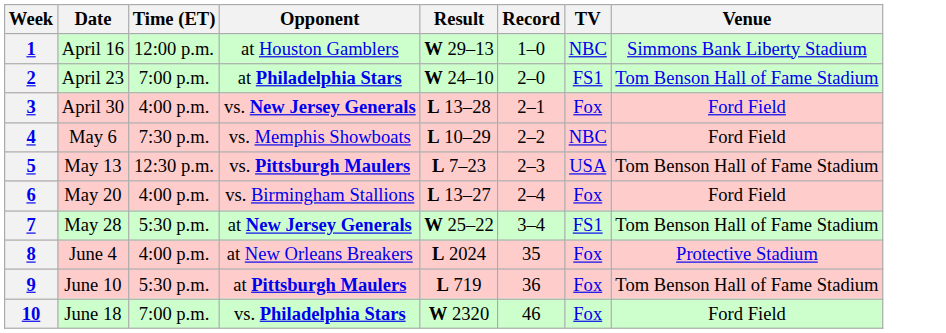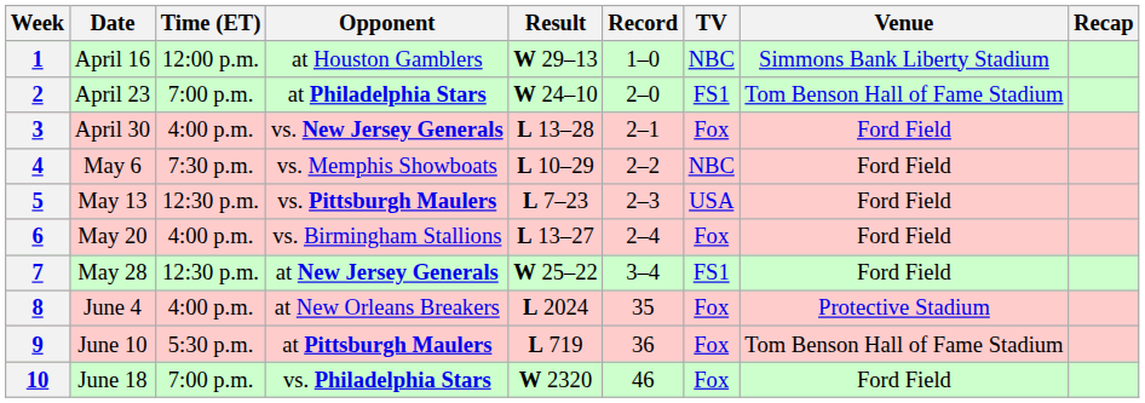 <table class="wikitable" style="text-align:center">
 <tr>
 <th>Week</th>
 <th>Date</th>
 <th>Time (ET)</th>
 <th>Opponent</th>
 <th>Result</th>
 <th>Record</th>
 <th>TV</th>
 <th>Venue</th>
+<th>Recap</th>
 </tr>
 <tr style="background:#ccffcc">
 <th><a href='#'>1</a></th>
 <td>April 16</td>
 <td>12:00 p.m.</td>
 <td>at <a href='#'>Houston Gamblers</a></td>
 <td><strong>W</strong> 29–13</td>
 <td>1–0</td>
 <td><a href='#'>NBC</a></td>
 <td><a href='#'>Simmons Bank Liberty Stadium</a></td>
+<td></td>
 </tr>
 <tr style="background:#ccffcc">
 <th><a href='#'>2</a></th>
 <td>April 23</td>
 <td>7:00 p.m.</td>
 <td>at <a href='#'><strong>Philadelphia Stars</strong></a></td>
 <td><strong>W</strong> 24–10</td>
 <td>2–0</td>
 <td><a href='#'>FS1</a></td>
 <td><a href='#'>Tom Benson Hall of Fame Stadium</a></td>
+<td></td>
 </tr>
 <tr style="background:#ffcccc">
 <th><a href='#'>3</a></th>
 <td>April 30</td>
 <td>4:00 p.m.</td>
 <td>vs. <a href='#'><strong>New Jersey Generals</strong></a></td>
 <td><strong>L</strong> 13–28</td>
 <td>2–1</td>
 <td><a href='#'>Fox</a></td>
 <td><a href='#'>Ford Field</a></td>
+<td></td>
 </tr>
 <tr style="background:#ffcccc">
 <th><a href='#'>4</a></th>
 <td>May 6</td>
 <td>7:30 p.m.</td>
 <td>vs. <a href='#'>Memphis Showboats</a></td>
 <td><strong>L</strong> 10–29</td>
 <td>2–2</td>
 <td><a href='#'>NBC</a></td>
 <td>Ford Field</td>
+<td></td>
 </tr>
 <tr style="background:#ffcccc">
 <th><a href='#'>5</a></th>
 <td>May 13</td>
 <td>12:30 p.m.</td>
 <td>vs. <a href='#'><strong>Pittsburgh Maulers</strong></a></td>
 <td><strong>L</strong> 7–23</td>
 <td>2–3</td>
 <td><a href='#'>USA</a></td>
-<td>Tom Benson Hall of Fame Stadium</td>
+<td>Ford Field</td>
+<td></td>
 </tr>
 <tr style="background:#ffcccc">
 <th><a href='#'>6</a></th>
 <td>May 20</td>
 <td>4:00 p.m.</td>
 <td>vs. <a href='#'>Birmingham Stallions</a></td>
 <td><strong>L</strong> 13–27</td>
 <td>2–4</td>
 <td><a href='#'>Fox</a></td>
 <td>Ford Field</td>
+<td></td>
 </tr>
 <tr style="background:#ccffcc">
 <th><a href='#'>7</a></th>
 <td>May 28</td>
-<td>5:30 p.m.</td>
+<td>12:30 p.m.</td>
 <td>at <a href='#'><strong>New Jersey Generals</strong></a></td>
 <td><strong>W</strong> 25–22</td>
 <td>3–4</td>
 <td><a href='#'>FS1</a></td>
-<td>Tom Benson Hall of Fame Stadium</td>
+<td>Ford Field</td>
+<td></td>
 </tr>
 <tr style="background:#ffcccc">
 <th><a href='#'>8</a></th>
 <td>June 4</td>
 <td>4:00 p.m.</td>
 <td>at <a href='#'>New Orleans Breakers</a></td>
 <td><strong>L</strong> 2024</td>
 <td>35</td>
 <td><a href='#'>Fox</a></td>
 <td><a href='#'>Protective Stadium</a></td>
+<td></td>
 </tr>
 <tr style="background:#ffcccc">
 <th><a href='#'>9</a></th>
 <td>June 10</td>
 <td>5:30 p.m.</td>
 <td>at <a href='#'><strong>Pittsburgh Maulers</strong></a></td>
 <td><strong>L</strong> 719</td>
 <td>36</td>
 <td><a href='#'>Fox</a></td>
 <td>Tom Benson Hall of Fame Stadium</td>
+<td></td>
 </tr>
 <tr style="background:#ccffcc">
 <th><a href='#'>10</a></th>
 <td>June 18</td>
 <td>7:00 p.m.</td>
 <td>vs. <a href='#'><strong>Philadelphia Stars</strong></a></td>
 <td><strong>W</strong> 2320</td>
 <td>46</td>
 <td><a href='#'>Fox</a></td>
 <td>Ford Field</td>
+<td></td>
 </tr>
 </table>
